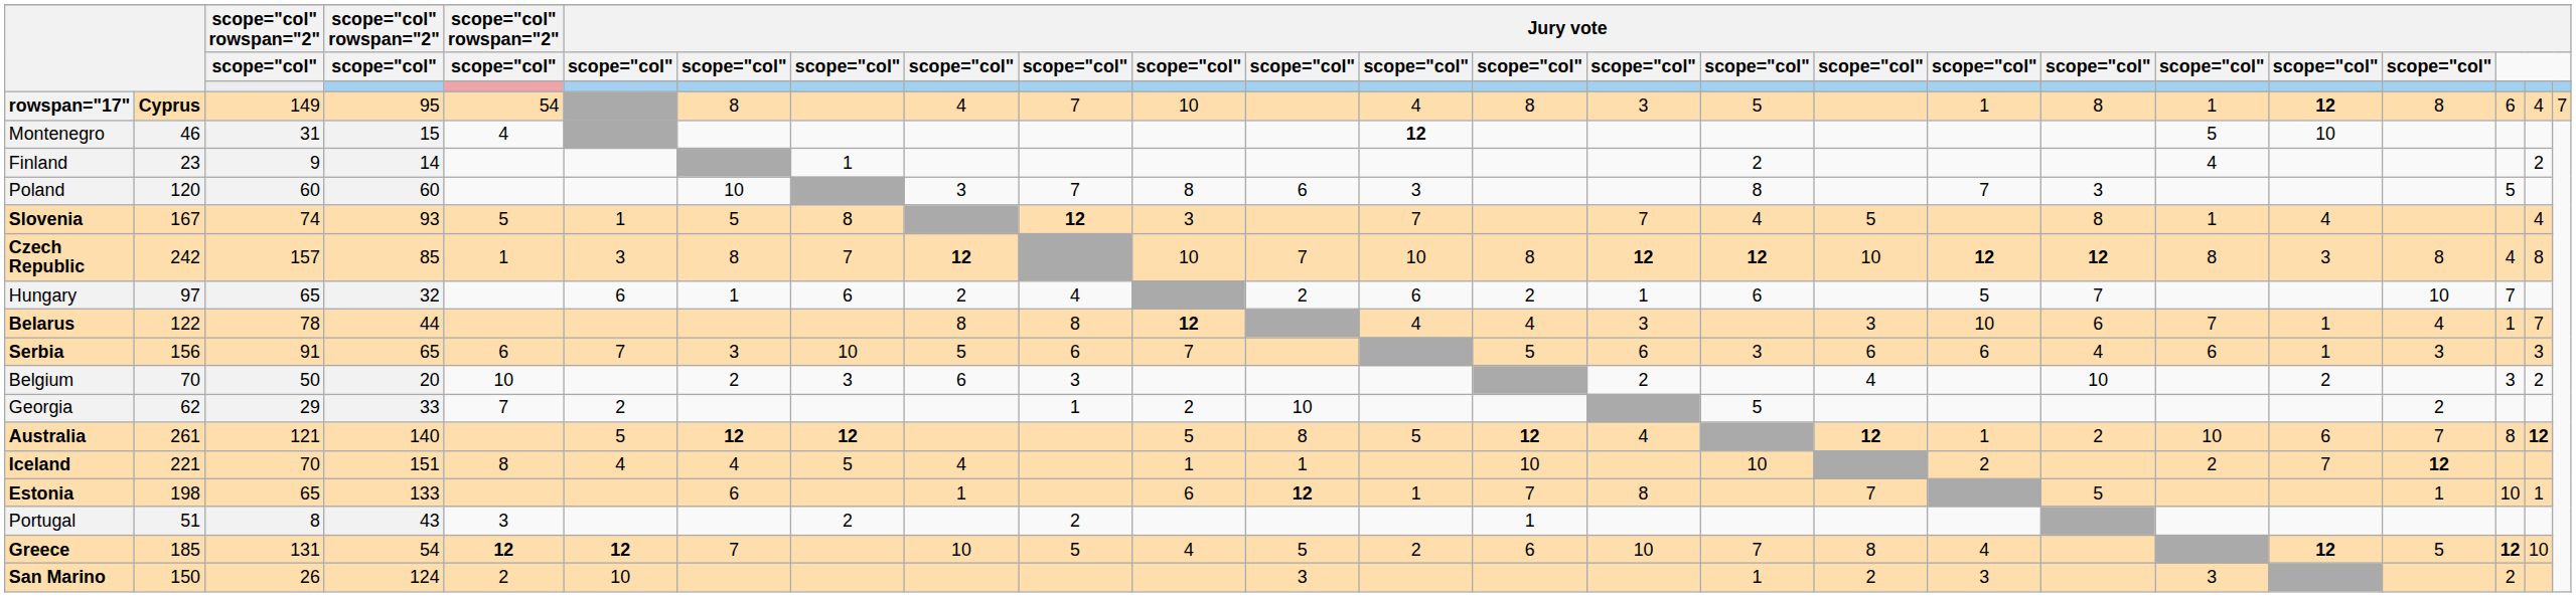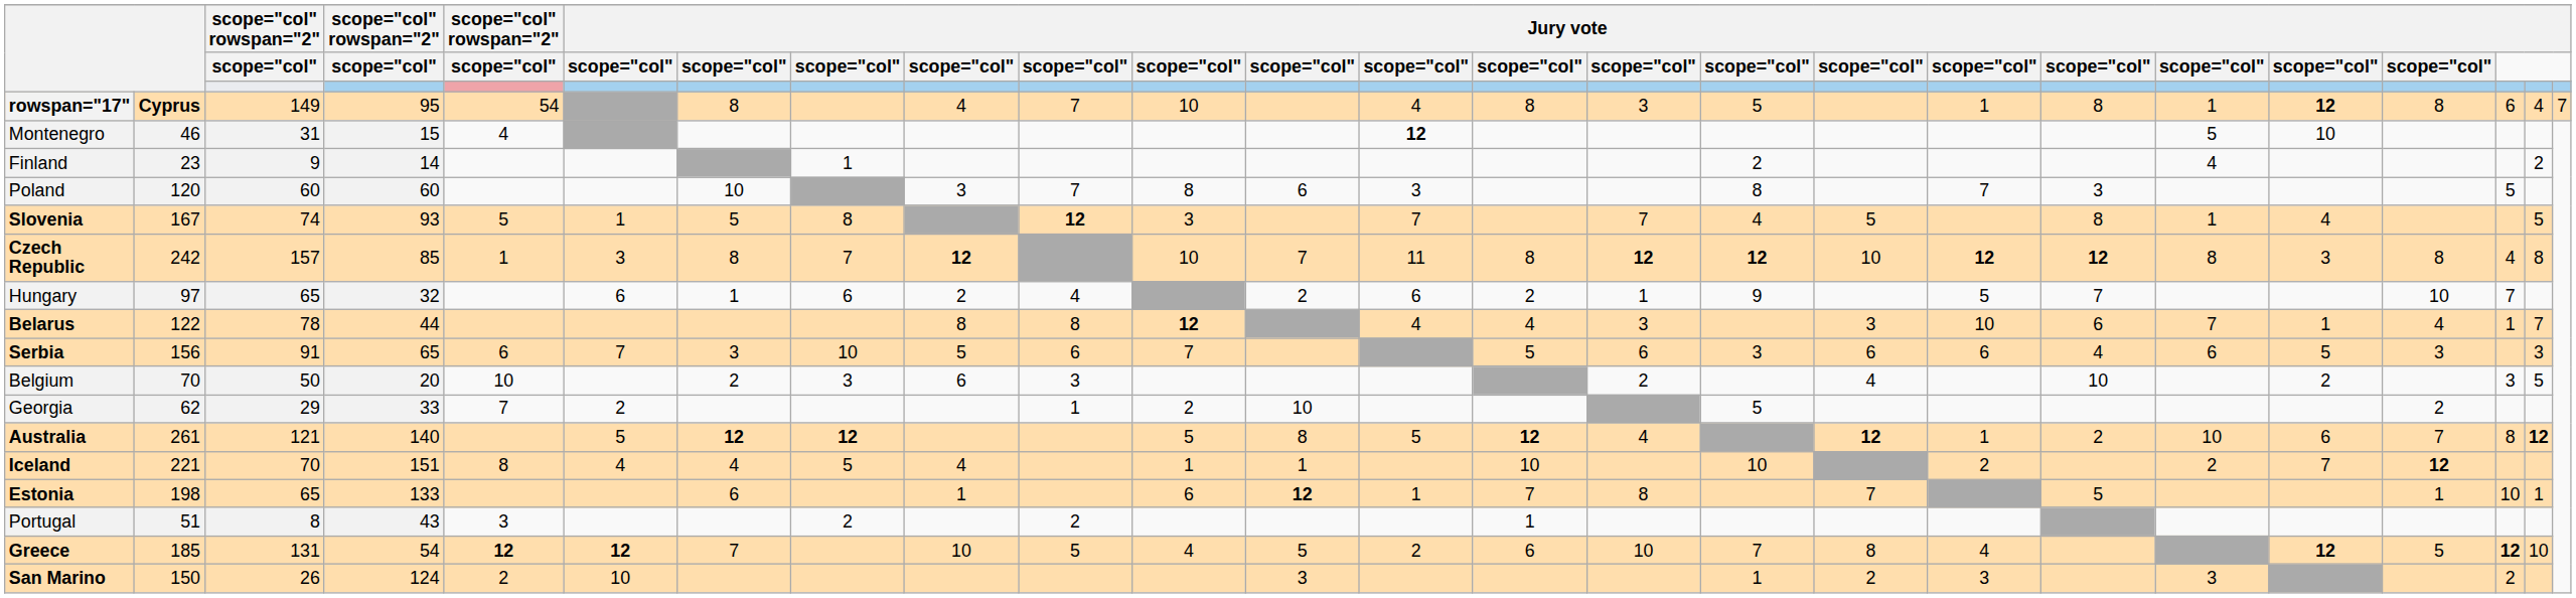 <table class="wikitable plainrowheaders" style="text-align:center; font-size:85%;">
 <tr>
 </tr>
 <tr>
 <td colspan="2" rowspan="3" style="background: #F2F2F2;"></td>
 <th>scope="col" rowspan="2" </th>
 <th>scope="col" rowspan="2" </th>
 <th>scope="col" rowspan="2" </th>
 <th scope="col" colspan="20">Jury vote</th>
 </tr>
 <tr>
 <th>scope="col" </th>
 <th>scope="col" </th>
 <th>scope="col" </th>
 <th>scope="col" </th>
 <th>scope="col" </th>
 <th>scope="col" </th>
 <th>scope="col" </th>
 <th>scope="col" </th>
 <th>scope="col" </th>
 <th>scope="col" </th>
 <th>scope="col" </th>
 <th>scope="col" </th>
 <th>scope="col" </th>
 <th>scope="col" </th>
 <th>scope="col" </th>
 <th>scope="col" </th>
 <th>scope="col" </th>
 <th>scope="col" </th>
 <th>scope="col" </th>
 <th>scope="col" </th>
 </tr>
 <tr>
 <td style="height:2px; background:#eaecf0; border-top:1px solid transparent;"></td>
 <td style="background:#A4D1EF;"></td>
 <td style="background:#EFA4A9;"></td>
 <th style="background:#A4D1EF;"></th>
 <th style="background:#A4D1EF;"></th>
 <th style="background:#A4D1EF;"></th>
 <th style="background:#A4D1EF;"></th>
 <th style="background:#A4D1EF;"></th>
 <th style="background:#A4D1EF;"></th>
 <th style="background:#A4D1EF;"></th>
 <th style="background:#A4D1EF;"></th>
 <th style="background:#A4D1EF;"></th>
 <th style="background:#A4D1EF;"></th>
 <th style="background:#A4D1EF;"></th>
 <th style="background:#A4D1EF;"></th>
 <th style="background:#A4D1EF;"></th>
 <th style="background:#A4D1EF;"></th>
 <th style="background:#A4D1EF;"></th>
 <th style="background:#A4D1EF;"></th>
 <th style="background:#A4D1EF;"></th>
 <th style="background:#A4D1EF;"></th>
 <th style="background:#A4D1EF;"></th>
 <th style="background:#A4D1EF;"></th>
 </tr>
 <tr style="background:#ffdead;">
 <th>rowspan="17" </th>
 <td scope="row" style="text-align:left; font-weight:bold; background:#ffdead;">Cyprus</td>
 <td style="text-align:right;">149</td>
 <td style="text-align:right;">95</td>
 <td style="text-align:right;">54</td>
 <td style="text-align:left; background:#aaa;"></td>
 <td>8</td>
 <td></td>
 <td>4</td>
 <td>7</td>
 <td>10</td>
 <td></td>
 <td>4</td>
 <td>8</td>
 <td>3</td>
 <td>5</td>
 <td></td>
 <td>1</td>
 <td>8</td>
 <td>1</td>
 <td><strong>12</strong></td>
 <td>8</td>
 <td>6</td>
 <td>4</td>
 <td>7</td>
 </tr>
 <tr>
 <td scope="row" style="text-align:left; background:#f2f2f2;">Montenegro</td>
 <td style="text-align:right; background:#f2f2f2;">46</td>
 <td style="text-align:right; background:#f2f2f2;">31</td>
 <td style="text-align:right; background:#f2f2f2;">15</td>
 <td>4</td>
 <td style="text-align:left; background:#aaa;"></td>
 <td></td>
 <td></td>
 <td></td>
 <td></td>
 <td></td>
 <td></td>
 <td><strong>12</strong></td>
 <td></td>
 <td></td>
 <td></td>
 <td></td>
 <td></td>
 <td></td>
 <td>5</td>
 <td>10</td>
 <td></td>
 <td></td>
 <td></td>
 </tr>
 <tr>
 <td scope="row" style="text-align:left; background:#f2f2f2;">Finland</td>
 <td style="text-align:right; background:#f2f2f2;">23</td>
 <td style="text-align:right; background:#f2f2f2;">9</td>
 <td style="text-align:right; background:#f2f2f2;">14</td>
 <td></td>
 <td></td>
 <td style="text-align:left; background:#aaa;"></td>
 <td>1</td>
 <td></td>
 <td></td>
 <td></td>
 <td></td>
 <td></td>
 <td></td>
 <td></td>
 <td>2</td>
 <td></td>
 <td></td>
 <td></td>
 <td>4</td>
 <td></td>
 <td></td>
 <td></td>
 <td>2</td>
 </tr>
 <tr>
 <td scope="row" style="text-align:left; background:#f2f2f2;">Poland</td>
 <td style="text-align:right; background:#f2f2f2;">120</td>
 <td style="text-align:right; background:#f2f2f2;">60</td>
 <td style="text-align:right; background:#f2f2f2;">60</td>
 <td></td>
 <td></td>
 <td>10</td>
 <td style="text-align:left; background:#aaa;"></td>
 <td>3</td>
 <td>7</td>
 <td>8</td>
 <td>6</td>
 <td>3</td>
 <td></td>
 <td></td>
 <td>8</td>
 <td></td>
 <td>7</td>
 <td>3</td>
 <td></td>
 <td></td>
 <td></td>
 <td>5</td>
 <td></td>
 </tr>
 <tr style="background:#ffdead;">
 <td scope="row" style="text-align:left; font-weight:bold; background:#ffdead;">Slovenia</td>
 <td style="text-align:right;">167</td>
 <td style="text-align:right;">74</td>
 <td style="text-align:right;">93</td>
 <td>5</td>
 <td>1</td>
 <td>5</td>
 <td>8</td>
 <td style="text-align:left; background:#aaa;"></td>
 <td><strong>12</strong></td>
 <td>3</td>
 <td></td>
 <td>7</td>
 <td></td>
 <td>7</td>
 <td>4</td>
 <td>5</td>
 <td></td>
 <td>8</td>
 <td>1</td>
 <td>4</td>
 <td></td>
 <td></td>
-<td>4</td>
+<td>5</td>
 </tr>
 <tr style="background:#ffdead;">
 <td scope="row" style="text-align:left; font-weight:bold; background:#ffdead;">Czech Republic</td>
 <td style="text-align:right;">242</td>
 <td style="text-align:right;">157</td>
 <td style="text-align:right;">85</td>
 <td>1</td>
 <td>3</td>
 <td>8</td>
 <td>7</td>
 <td><strong>12</strong></td>
 <td style="text-align:left; background:#aaa;"></td>
 <td>10</td>
 <td>7</td>
-<td>10</td>
+<td>11</td>
 <td>8</td>
 <td><strong>12</strong></td>
 <td><strong>12</strong></td>
 <td>10</td>
 <td><strong>12</strong></td>
 <td><strong>12</strong></td>
 <td>8</td>
 <td>3</td>
 <td>8</td>
 <td>4</td>
 <td>8</td>
 </tr>
 <tr>
 <td scope="row" style="text-align:left; background:#f2f2f2;">Hungary</td>
 <td style="text-align:right; background:#f2f2f2;">97</td>
 <td style="text-align:right; background:#f2f2f2;">65</td>
 <td style="text-align:right; background:#f2f2f2;">32</td>
 <td></td>
 <td>6</td>
 <td>1</td>
 <td>6</td>
 <td>2</td>
 <td>4</td>
 <td style="text-align:left; background:#aaa;"></td>
 <td>2</td>
 <td>6</td>
 <td>2</td>
 <td>1</td>
-<td>6</td>
+<td>9</td>
 <td></td>
 <td>5</td>
 <td>7</td>
 <td></td>
 <td></td>
 <td>10</td>
 <td>7</td>
 <td></td>
 </tr>
 <tr style="background:#ffdead;">
 <td scope="row" style="text-align:left; font-weight:bold; background:#ffdead;">Belarus</td>
 <td style="text-align:right;">122</td>
 <td style="text-align:right;">78</td>
 <td style="text-align:right;">44</td>
 <td></td>
 <td></td>
 <td></td>
 <td></td>
 <td>8</td>
 <td>8</td>
 <td><strong>12</strong></td>
 <td style="text-align:left; background:#aaa;"></td>
 <td>4</td>
 <td>4</td>
 <td>3</td>
 <td></td>
 <td>3</td>
 <td>10</td>
 <td>6</td>
 <td>7</td>
 <td>1</td>
 <td>4</td>
 <td>1</td>
 <td>7</td>
 </tr>
 <tr style="background:#ffdead;">
 <td scope="row" style="text-align:left; font-weight:bold; background:#ffdead;">Serbia</td>
 <td style="text-align:right;">156</td>
 <td style="text-align:right;">91</td>
 <td style="text-align:right;">65</td>
 <td>6</td>
 <td>7</td>
 <td>3</td>
 <td>10</td>
 <td>5</td>
 <td>6</td>
 <td>7</td>
 <td></td>
 <td style="text-align:left; background:#aaa;"></td>
 <td>5</td>
 <td>6</td>
 <td>3</td>
 <td>6</td>
 <td>6</td>
 <td>4</td>
 <td>6</td>
-<td>1</td>
+<td>5</td>
 <td>3</td>
 <td></td>
 <td>3</td>
 </tr>
 <tr>
 <td scope="row" style="text-align:left; background:#f2f2f2;">Belgium</td>
 <td style="text-align:right; background:#f2f2f2;">70</td>
 <td style="text-align:right; background:#f2f2f2;">50</td>
 <td style="text-align:right; background:#f2f2f2;">20</td>
 <td>10</td>
 <td></td>
 <td>2</td>
 <td>3</td>
 <td>6</td>
 <td>3</td>
 <td></td>
 <td></td>
 <td></td>
 <td style="text-align:left; background:#aaa;"></td>
 <td>2</td>
 <td></td>
 <td>4</td>
 <td></td>
 <td>10</td>
 <td></td>
 <td>2</td>
 <td></td>
 <td>3</td>
-<td>2</td>
+<td>5</td>
 </tr>
 <tr>
 <td scope="row" style="text-align:left; background:#f2f2f2;">Georgia</td>
 <td style="text-align:right; background:#f2f2f2;">62</td>
 <td style="text-align:right; background:#f2f2f2;">29</td>
 <td style="text-align:right; background:#f2f2f2;">33</td>
 <td>7</td>
 <td>2</td>
 <td></td>
 <td></td>
 <td></td>
 <td>1</td>
 <td>2</td>
 <td>10</td>
 <td></td>
 <td></td>
 <td style="text-align:left; background:#aaa;"></td>
 <td>5</td>
 <td></td>
 <td></td>
 <td></td>
 <td></td>
 <td></td>
 <td>2</td>
 <td></td>
 <td></td>
 </tr>
 <tr style="background:#ffdead;">
 <td scope="row" style="text-align:left; font-weight:bold; background:#ffdead;">Australia</td>
 <td style="text-align:right;">261</td>
 <td style="text-align:right;">121</td>
 <td style="text-align:right;">140</td>
 <td></td>
 <td>5</td>
 <td><strong>12</strong></td>
 <td><strong>12</strong></td>
 <td></td>
 <td></td>
 <td>5</td>
 <td>8</td>
 <td>5</td>
 <td><strong>12</strong></td>
 <td>4</td>
 <td style="text-align:left; background:#aaa;"></td>
 <td><strong>12</strong></td>
 <td>1</td>
 <td>2</td>
 <td>10</td>
 <td>6</td>
 <td>7</td>
 <td>8</td>
 <td><strong>12</strong></td>
 </tr>
 <tr style="background:#ffdead;">
 <td scope="row" style="text-align:left; font-weight:bold; background:#ffdead;">Iceland</td>
 <td style="text-align:right;">221</td>
 <td style="text-align:right;">70</td>
 <td style="text-align:right;">151</td>
 <td>8</td>
 <td>4</td>
 <td>4</td>
 <td>5</td>
 <td>4</td>
 <td></td>
 <td>1</td>
 <td>1</td>
 <td></td>
 <td>10</td>
 <td></td>
 <td>10</td>
 <td style="text-align:left; background:#aaa;"></td>
 <td>2</td>
 <td></td>
 <td>2</td>
 <td>7</td>
 <td><strong>12</strong></td>
 <td></td>
 <td></td>
 </tr>
 <tr style="background:#ffdead;">
 <td scope="row" style="text-align:left; font-weight:bold; background:#ffdead;">Estonia</td>
 <td style="text-align:right;">198</td>
 <td style="text-align:right;">65</td>
 <td style="text-align:right;">133</td>
 <td></td>
 <td></td>
 <td>6</td>
 <td></td>
 <td>1</td>
 <td></td>
 <td>6</td>
 <td><strong>12</strong></td>
 <td>1</td>
 <td>7</td>
 <td>8</td>
 <td></td>
 <td>7</td>
 <td style="text-align:left; background:#aaa;"></td>
 <td>5</td>
 <td></td>
 <td></td>
 <td>1</td>
 <td>10</td>
 <td>1</td>
 </tr>
 <tr>
 <td scope="row" style="text-align:left; background:#f2f2f2;">Portugal</td>
 <td style="text-align:right; background:#f2f2f2;">51</td>
 <td style="text-align:right; background:#f2f2f2;">8</td>
 <td style="text-align:right; background:#f2f2f2;">43</td>
 <td>3</td>
 <td></td>
 <td></td>
 <td>2</td>
 <td></td>
 <td>2</td>
 <td></td>
 <td></td>
 <td></td>
 <td>1</td>
 <td></td>
 <td></td>
 <td></td>
 <td></td>
 <td style="text-align:left; background:#aaa;"></td>
 <td></td>
 <td></td>
 <td></td>
 <td></td>
 <td></td>
 </tr>
 <tr style="background:#ffdead;">
 <td scope="row" style="text-align:left; font-weight:bold; background:#ffdead;">Greece</td>
 <td style="text-align:right;">185</td>
 <td style="text-align:right;">131</td>
 <td style="text-align:right;">54</td>
 <td><strong>12</strong></td>
 <td><strong>12</strong></td>
 <td>7</td>
 <td></td>
 <td>10</td>
 <td>5</td>
 <td>4</td>
 <td>5</td>
 <td>2</td>
 <td>6</td>
 <td>10</td>
 <td>7</td>
 <td>8</td>
 <td>4</td>
 <td></td>
 <td style="text-align:left; background:#aaa;"></td>
 <td><strong>12</strong></td>
 <td>5</td>
 <td><strong>12</strong></td>
 <td>10</td>
 </tr>
 <tr style="background:#ffdead;">
 <td scope="row" style="text-align:left; font-weight:bold; background:#ffdead;">San Marino</td>
 <td style="text-align:right;">150</td>
 <td style="text-align:right;">26</td>
 <td style="text-align:right;">124</td>
 <td>2</td>
 <td>10</td>
 <td></td>
 <td></td>
 <td></td>
 <td></td>
 <td></td>
 <td>3</td>
 <td></td>
 <td></td>
 <td></td>
 <td>1</td>
 <td>2</td>
 <td>3</td>
 <td></td>
 <td>3</td>
 <td style="text-align:left; background:#aaa;"></td>
 <td></td>
 <td>2</td>
 <td></td>
 </tr>
 </table>
